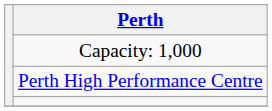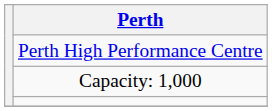 <table class="wikitable" style="text-align:center">
 <tr>
 <th rowspan="4" colspan="2"></th>
 <th><a href='#'>Perth</a></th>
 </tr>
 <tr>
-<td>Capacity: 1,000</td>
+<td><a href='#'>Perth High Performance Centre</a></td>
 </tr>
 <tr>
-<td><a href='#'>Perth High Performance Centre</a></td>
+<td>Capacity: 1,000</td>
 </tr>
 <tr>
 <td></td>
 </tr>
 <tr>
 </tr>
 </table>
